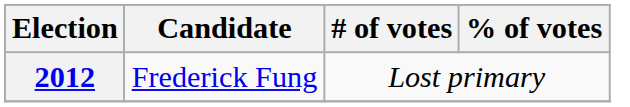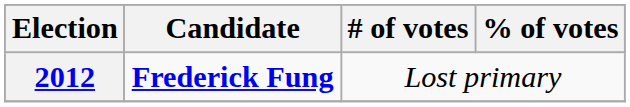 <table class=wikitable style="text-align: right;">
 <tr align=center>
 <th>Election</th>
 <th>Candidate</th>
 <th># of votes</th>
 <th>% of votes</th>
 </tr>
 <tr>
 <th><a href='#'>2012</a></th>
-<td align=left><a href='#'>Frederick Fung</a></td>
+<td align=left><strong><a href='#'>Frederick Fung</a></strong></td>
 <td colspan=2 align=center><em>Lost primary</em></td>
 </tr>
 <tr>
 </tr>
 </table>
